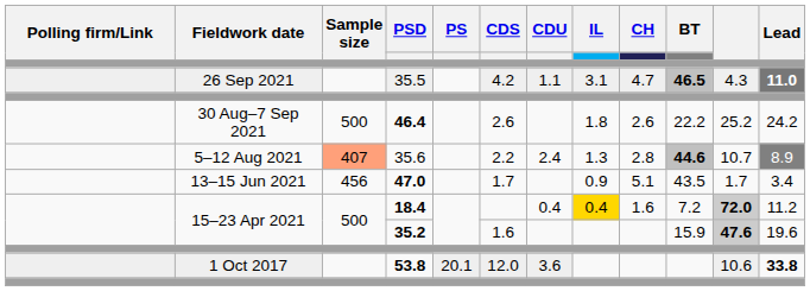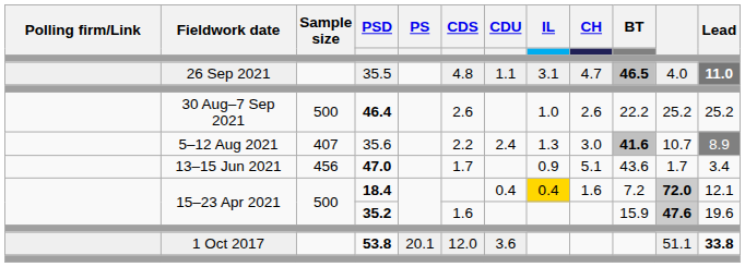 <table class="wikitable sortable mw-datatable" style="text-align:center;font-size:90%;line-height:16px;">
 <tr style="height:42px;">
 <th style="width:145px;" rowspan="2">Polling firm/Link</th>
 <th style="width:125px;" rowspan="2">Fieldwork date</th>
 <th class="unsortable" style="width:50px;" rowspan="2">Sample size</th>
 <th class="unsortable" style="width:35px;"><a href='#'>PSD</a></th>
 <th class="unsortable" style="width:35px;"><a href='#'>PS</a></th>
 <th class="unsortable" style="width:35px;"><a href='#'>CDS</a></th>
 <th class="unsortable" style="width:35px;"><a href='#'>CDU</a></th>
 <th class="unsortable" style="width:35px;"><a href='#'>IL</a></th>
 <th class="unsortable" style="width:35px;"><a href='#'>CH</a></th>
 <th class="unsortable" style="width:35px;">BT</th>
 <th class="unsortable" style="width:35px;" rowspan="2"></th>
 <th class="unsortable" style="width:30px;" rowspan="2">Lead</th>
 </tr>
 <tr>
 <th class="unsortable" style="color:inherit;background:"></th>
 <th class="unsortable" style="color:inherit;background:"></th>
 <th class="unsortable" style="color:inherit;background:"></th>
 <th class="unsortable" style="color:inherit;background:"></th>
 <th class="sortable" style="background:#00ADEF;"></th>
 <th class="unsortable" style="color:inherit;background:#202056;"></th>
 <th class="unsortable" style="color:inherit;background:gray;"></th>
 </tr>
 <tr>
 <td colspan="13" style="background:#A0A0A0"></td>
 </tr>
 <tr>
 <td style="background:#EFEFEF;"><strong></strong></td>
 <td style="background:#EFEFEF;" data-sort-value="2019-10-06">26 Sep 2021</td>
 <td></td>
 <td style="background:#EFEFEF;">35.5<br></td>
 <td></td>
-<td style="background:#EFEFEF;">4.2<br></td>
+<td style="background:#EFEFEF;">4.8<br></td>
 <td style="background:#EFEFEF;">1.1<br></td>
 <td style="background:#EFEFEF;">3.1<br></td>
 <td style="background:#EFEFEF;">4.7<br></td>
 <td style="background:#C0C0C0"><strong>46.5</strong><br></td>
-<td style="background:#EFEFEF;">4.3</td>
+<td style="background:#EFEFEF;">4.0</td>
 <td style="background:#777777; color:white;"><strong>11.0</strong></td>
 </tr>
 <tr>
 <td colspan="13" style="background:#A0A0A0"></td>
 </tr>
 <tr>
 <td align="center"></td>
 <td align="center">30 Aug–7 Sep 2021</td>
 <td align="center">500</td>
 <td align="center" ><strong>46.4</strong></td>
 <td align="center"></td>
 <td align="center">2.6</td>
 <td></td>
-<td align="center">1.8</td>
+<td align="center">1.0</td>
 <td align="center">2.6</td>
 <td align="center">22.2</td>
 <td align="center">25.2</td>
-<td style="background:">24.2</td>
+<td style="background:">25.2</td>
 </tr>
 <tr>
 <td align="center"></td>
 <td align="center">5–12 Aug 2021</td>
-<td align="center" style="background: lightsalmon;">407</td>
+<td align="center">407</td>
 <td align="center">35.6</td>
 <td align="center"></td>
 <td align="center">2.2</td>
 <td align="center">2.4</td>
 <td align="center">1.3</td>
-<td align="center">2.8</td>
-<td style="background:#C0C0C0"><strong>44.6</strong></td>
+<td align="center">3.0</td>
+<td style="background:#C0C0C0"><strong>41.6</strong></td>
 <td align="center">10.7</td>
 <td style="background:gray; color:white;">8.9</td>
 </tr>
 <tr>
 <td align="center"></td>
 <td align="center">13–15 Jun 2021</td>
 <td align="center">456</td>
 <td align="center" ><strong>47.0</strong></td>
 <td align="center"></td>
 <td align="center">1.7</td>
 <td></td>
 <td align="center">0.9</td>
 <td align="center">5.1</td>
-<td align="center">43.5</td>
+<td align="center">43.6</td>
 <td align="center">1.7</td>
 <td style="background:">3.4</td>
 </tr>
 <tr>
 <td rowspan="2" align="center"></td>
 <td rowspan="2" align="center">15–23 Apr 2021</td>
 <td rowspan="2" align="center">500</td>
 <td align="center" ><strong>18.4</strong></td>
 <td rowspan="2" align="center"></td>
 <td></td>
 <td align="center">0.4</td>
 <td align="center" style="background: gold;">0.4</td>
 <td align="center">1.6</td>
 <td align="center">7.2</td>
 <td align="center" style="background:#cccccc"><strong>72.0</strong></td>
-<td style="background:">11.2</td>
+<td style="background:">12.1</td>
 </tr>
 <tr>
 <td align="center" ><strong>35.2</strong></td>
 <td align="center">1.6</td>
 <td></td>
 <td></td>
 <td></td>
 <td align="center">15.9</td>
 <td align="center" style="background:#cccccc"><strong>47.6</strong></td>
 <td style="background:">19.6</td>
 </tr>
 <tr>
 <td colspan="12" style="background:#A0A0A0"></td>
 </tr>
 <tr>
 <td style="background:#EFEFEF;"><strong></strong></td>
 <td style="background:#EFEFEF;" data-sort-value="2019-10-06">1 Oct 2017</td>
 <td></td>
 <td><strong>53.8</strong><br></td>
 <td style="background:#EFEFEF;">20.1<br></td>
 <td style="background:#EFEFEF;">12.0<br></td>
 <td style="background:#EFEFEF;">3.6<br></td>
 <td></td>
 <td></td>
 <td></td>
-<td style="background:#EFEFEF;">10.6</td>
+<td style="background:#EFEFEF;">51.1</td>
 <td style="background:"><strong>33.8</strong></td>
 </tr>
 <tr>
 <td colspan="12" style="background:#A0A0A0"></td>
 </tr>
 </table>
